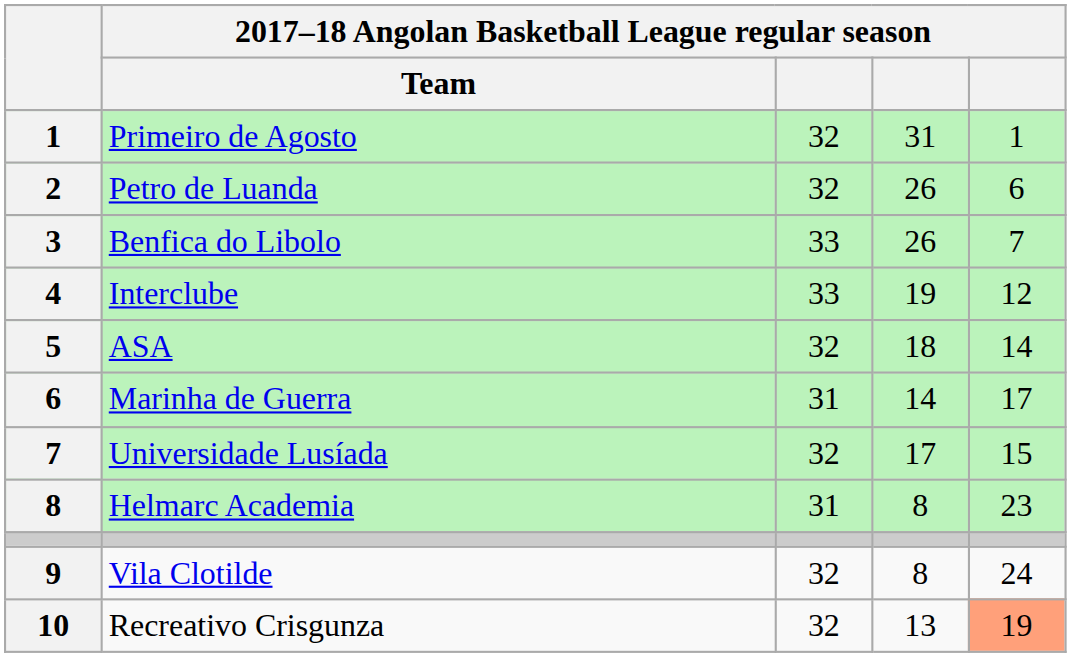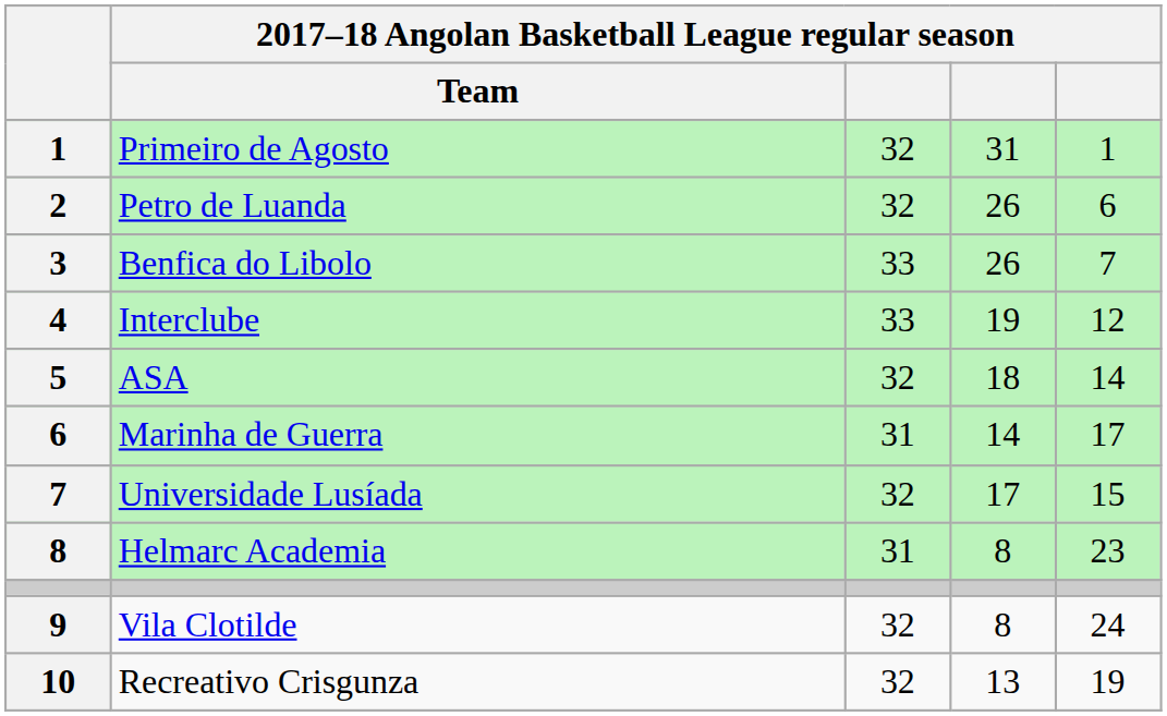 <table class="wikitable" width="40%" style="font-size:95%; text-align:center">
 <tr>
 <th rowspan="2" width="5%"></th>
 <th colspan="4" style="text-align:center"><strong>2017–18 Angolan Basketball League regular season</strong></th>
 </tr>
 <tr>
 <th width="35%">Team</th>
 <th width="5%"></th>
 <th width="5%"></th>
 <th width="5%"></th>
 </tr>
 <tr style="background-color:#BBF3BB;">
 <th>1</th>
 <td style="text-align:left;"><a href='#'>Primeiro de Agosto</a></td>
 <td>32</td>
 <td>31</td>
 <td>1</td>
 </tr>
 <tr style="background-color:#BBF3BB;">
 <th>2</th>
 <td style="text-align:left;"><a href='#'>Petro de Luanda</a></td>
 <td>32</td>
 <td>26</td>
 <td>6</td>
 </tr>
 <tr style="background-color:#BBF3BB;">
 <th>3</th>
 <td style="text-align:left;"><a href='#'>Benfica do Libolo</a></td>
 <td>33</td>
 <td>26</td>
 <td>7</td>
 </tr>
 <tr style="background-color:#BBF3BB;">
 <th>4</th>
 <td style="text-align:left;"><a href='#'>Interclube</a></td>
 <td>33</td>
 <td>19</td>
 <td>12</td>
 </tr>
 <tr style="background-color:#BBF3BB;">
 <th>5</th>
 <td style="text-align:left;"><a href='#'>ASA</a></td>
 <td>32</td>
 <td>18</td>
 <td>14</td>
 </tr>
 <tr style="background-color:#BBF3BB;">
 <th>6</th>
 <td style="text-align:left;"><a href='#'>Marinha de Guerra</a></td>
 <td>31</td>
 <td>14</td>
 <td>17</td>
 </tr>
 <tr style="background-color:#BBF3BB;">
 <th>7</th>
 <td style="text-align:left;"><a href='#'>Universidade Lusíada</a></td>
 <td>32</td>
 <td>17</td>
 <td>15</td>
 </tr>
 <tr style="background-color:#BBF3BB;">
 <th>8</th>
 <td style="text-align:left;"><a href='#'>Helmarc Academia</a></td>
 <td>31</td>
 <td>8</td>
 <td>23</td>
 </tr>
 <tr style="background-color:#CCCCCC">
 <td></td>
 <td></td>
 <td></td>
 <td></td>
 <td></td>
 </tr>
 <tr>
 <th>9</th>
 <td style="text-align:left;"><a href='#'>Vila Clotilde</a></td>
 <td>32</td>
 <td>8</td>
 <td>24</td>
 </tr>
 <tr>
 <th>10</th>
 <td style="text-align:left;">Recreativo Crisgunza</td>
 <td>32</td>
 <td>13</td>
-<td style="background: lightsalmon;">19</td>
+<td>19</td>
 </tr>
 </table>
